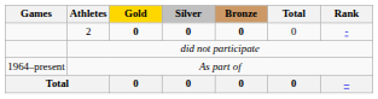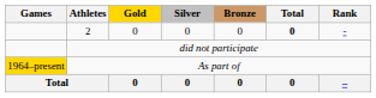 <table class="wikitable" style="text-align:center; font-size:90%;">
 <tr>
 <th>Games</th>
 <th>Athletes</th>
 <td style="background:gold; width:4.5em; font-weight:bold;">Gold</td>
 <td style="background:silver; width:4.5em; font-weight:bold;">Silver</td>
 <td style="background:#cc9966; width:4.5em; font-weight:bold;">Bronze</td>
 <th style="width:4.5em; font-weight:bold;">Total</th>
 <th style="width:4.5em; font-weight:bold;">Rank</th>
 </tr>
 <tr>
 <td align=left></td>
 <td>2</td>
+<td>0</td>
+<td>0</td>
+<td>0</td>
 <td><strong>0</strong></td>
-<td><strong>0</strong></td>
-<td><strong>0</strong></td>
-<td>0</td>
 <td><a href='#'>-</a></td>
 </tr>
 <tr>
 <td align=left></td>
 <td colspan=6><em>did not participate</em></td>
 </tr>
 <tr>
-<td align=left>1964–present</td>
+<td align=left style="background: gold;">1964–present</td>
 <td colspan=6><em>As part of </em></td>
 </tr>
 <tr>
 <th colspan=2>Total</th>
 <th>0</th>
 <th>0</th>
 <th>0</th>
 <th>0</th>
 <th><a href='#'>–</a></th>
 </tr>
 </table>
